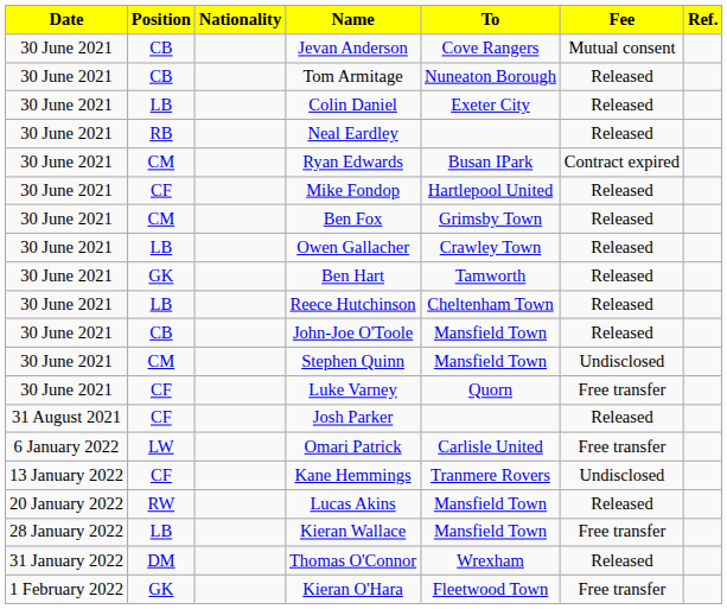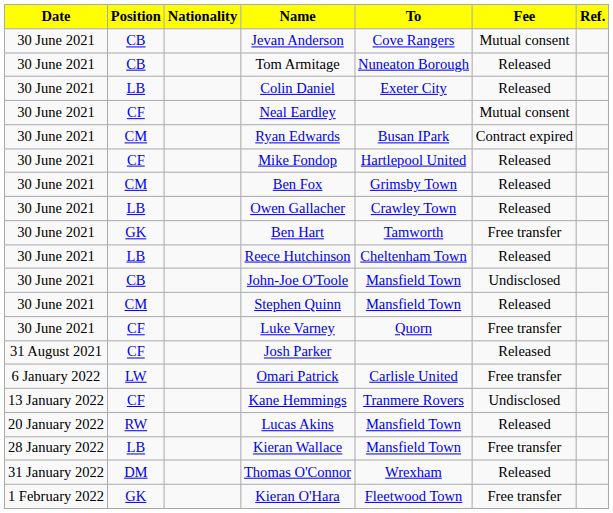 <table class="wikitable"  style="text-align:center; font-size:90%; ">
 <tr>
 <th style="background:yellow;">Date</th>
 <th style="background:yellow;">Position</th>
 <th style="background:yellow;">Nationality</th>
 <th style="background:yellow;">Name</th>
 <th style="background:yellow;">To</th>
 <th style="background:yellow;">Fee</th>
 <th style="background:yellow;">Ref.</th>
 </tr>
 <tr>
 <td>30 June 2021</td>
 <td><a href='#'>CB</a></td>
 <td></td>
 <td><a href='#'>Jevan Anderson</a></td>
 <td> <a href='#'>Cove Rangers</a></td>
 <td>Mutual consent</td>
 <td></td>
 </tr>
 <tr>
 <td>30 June 2021</td>
 <td><a href='#'>CB</a></td>
 <td></td>
 <td>Tom Armitage</td>
 <td> <a href='#'>Nuneaton Borough</a></td>
 <td>Released</td>
 <td></td>
 </tr>
 <tr>
 <td>30 June 2021</td>
 <td><a href='#'>LB</a></td>
 <td></td>
 <td><a href='#'>Colin Daniel</a></td>
 <td> <a href='#'>Exeter City</a></td>
 <td>Released</td>
 <td></td>
 </tr>
 <tr>
 <td>30 June 2021</td>
-<td><a href='#'>RB</a></td>
+<td><a href='#'>CF</a></td>
 <td></td>
 <td><a href='#'>Neal Eardley</a></td>
 <td></td>
-<td>Released</td>
+<td>Mutual consent</td>
 <td></td>
 </tr>
 <tr>
 <td>30 June 2021</td>
 <td><a href='#'>CM</a></td>
 <td></td>
 <td><a href='#'>Ryan Edwards</a></td>
 <td> <a href='#'>Busan IPark</a></td>
 <td>Contract expired</td>
 <td></td>
 </tr>
 <tr>
 <td>30 June 2021</td>
 <td><a href='#'>CF</a></td>
 <td></td>
 <td><a href='#'>Mike Fondop</a></td>
 <td> <a href='#'>Hartlepool United</a></td>
 <td>Released</td>
 <td></td>
 </tr>
 <tr>
 <td>30 June 2021</td>
 <td><a href='#'>CM</a></td>
 <td></td>
 <td><a href='#'>Ben Fox</a></td>
 <td> <a href='#'>Grimsby Town</a></td>
 <td>Released</td>
 <td></td>
 </tr>
 <tr>
 <td>30 June 2021</td>
 <td><a href='#'>LB</a></td>
 <td></td>
 <td><a href='#'>Owen Gallacher</a></td>
 <td> <a href='#'>Crawley Town</a></td>
 <td>Released</td>
 <td></td>
 </tr>
 <tr>
 <td>30 June 2021</td>
 <td><a href='#'>GK</a></td>
 <td></td>
 <td><a href='#'>Ben Hart</a></td>
 <td> <a href='#'>Tamworth</a></td>
-<td>Released</td>
+<td>Free transfer</td>
 <td></td>
 </tr>
 <tr>
 <td>30 June 2021</td>
 <td><a href='#'>LB</a></td>
 <td></td>
 <td><a href='#'>Reece Hutchinson</a></td>
 <td> <a href='#'>Cheltenham Town</a></td>
 <td>Released</td>
 <td></td>
 </tr>
 <tr>
 <td>30 June 2021</td>
 <td><a href='#'>CB</a></td>
 <td></td>
 <td><a href='#'>John-Joe O'Toole</a></td>
 <td> <a href='#'>Mansfield Town</a></td>
-<td>Released</td>
+<td>Undisclosed</td>
 <td></td>
 </tr>
 <tr>
 <td>30 June 2021</td>
 <td><a href='#'>CM</a></td>
 <td></td>
 <td><a href='#'>Stephen Quinn</a></td>
 <td> <a href='#'>Mansfield Town</a></td>
-<td>Undisclosed</td>
+<td>Released</td>
 <td></td>
 </tr>
 <tr>
 <td>30 June 2021</td>
 <td><a href='#'>CF</a></td>
 <td></td>
 <td><a href='#'>Luke Varney</a></td>
 <td> <a href='#'>Quorn</a></td>
 <td>Free transfer</td>
 <td></td>
 </tr>
 <tr>
 <td>31 August 2021</td>
 <td><a href='#'>CF</a></td>
 <td></td>
 <td><a href='#'>Josh Parker</a></td>
 <td></td>
 <td>Released</td>
 <td></td>
 </tr>
 <tr>
 <td>6 January 2022</td>
 <td><a href='#'>LW</a></td>
 <td></td>
 <td><a href='#'>Omari Patrick</a></td>
 <td> <a href='#'>Carlisle United</a></td>
 <td>Free transfer</td>
 <td></td>
 </tr>
 <tr>
 <td>13 January 2022</td>
 <td><a href='#'>CF</a></td>
 <td></td>
 <td><a href='#'>Kane Hemmings</a></td>
 <td> <a href='#'>Tranmere Rovers</a></td>
 <td>Undisclosed</td>
 <td></td>
 </tr>
 <tr>
 <td>20 January 2022</td>
 <td><a href='#'>RW</a></td>
 <td></td>
 <td><a href='#'>Lucas Akins</a></td>
 <td> <a href='#'>Mansfield Town</a></td>
 <td>Released</td>
 <td></td>
 </tr>
 <tr>
 <td>28 January 2022</td>
 <td><a href='#'>LB</a></td>
 <td></td>
 <td><a href='#'>Kieran Wallace</a></td>
 <td> <a href='#'>Mansfield Town</a></td>
 <td>Free transfer</td>
 <td></td>
 </tr>
 <tr>
 <td>31 January 2022</td>
 <td><a href='#'>DM</a></td>
 <td></td>
 <td><a href='#'>Thomas O'Connor</a></td>
 <td> <a href='#'>Wrexham</a></td>
 <td>Released</td>
 <td></td>
 </tr>
 <tr>
 <td>1 February 2022</td>
 <td><a href='#'>GK</a></td>
 <td></td>
 <td><a href='#'>Kieran O'Hara</a></td>
 <td> <a href='#'>Fleetwood Town</a></td>
 <td>Free transfer</td>
 <td></td>
 </tr>
 </table>
